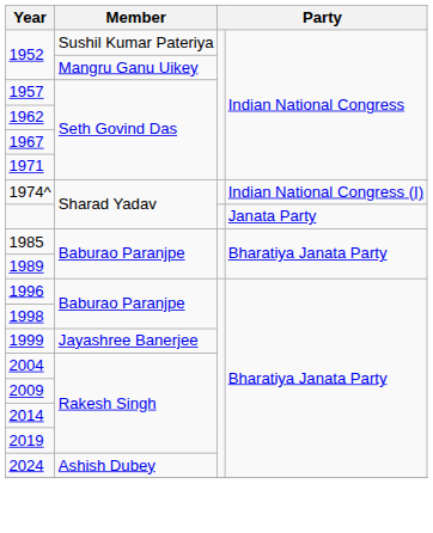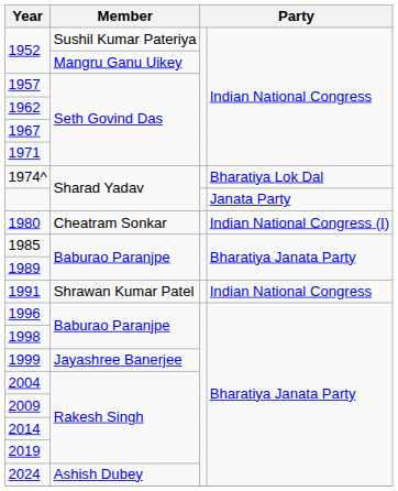 <table class="wikitable">
 <tr>
 <th>Year</th>
 <th>Member</th>
 <th colspan="2">Party</th>
 </tr>
 <tr>
 <td rowspan="2"><a href='#'>1952</a></td>
 <td>Sushil Kumar Pateriya</td>
 <td rowspan="6" style="background-color: "></td>
 <td rowspan="6"><a href='#'>Indian National Congress</a></td>
 </tr>
 <tr>
 <td><a href='#'>Mangru Ganu Uikey</a></td>
 </tr>
 <tr>
 <td><a href='#'>1957</a></td>
 <td rowspan="4"><a href='#'>Seth Govind Das</a></td>
 </tr>
 <tr>
 <td><a href='#'>1962</a></td>
 </tr>
 <tr>
 <td><a href='#'>1967</a></td>
 </tr>
 <tr>
 <td><a href='#'>1971</a></td>
 </tr>
 <tr>
 <td>1974^</td>
 <td rowspan="2">Sharad Yadav</td>
 <td style="background-color: "></td>
-<td><a href='#'>Indian National Congress (I)</a></td>
+<td><a href='#'>Bharatiya Lok Dal</a></td>
 </tr>
 <tr>
 <td></td>
 <td style="background-color: "></td>
 <td><a href='#'>Janata Party</a></td>
+</tr>
+<tr>
+<td><a href='#'>1980</a></td>
+<td>Cheatram Sonkar</td>
+<td style="background-color: "></td>
+<td><a href='#'>Indian National Congress (I)</a></td>
 </tr>
 <tr>
 <td>1985</td>
 <td rowspan="2"><a href='#'>Baburao Paranjpe</a></td>
 <td rowspan="2" style="background-color: "></td>
 <td rowspan="2"><a href='#'>Bharatiya Janata Party</a></td>
 </tr>
 <tr>
 <td><a href='#'>1989</a></td>
+</tr>
+<tr>
+<td><a href='#'>1991</a></td>
+<td>Shrawan Kumar Patel</td>
+<td style="background-color: "></td>
+<td><a href='#'>Indian National Congress</a></td>
 </tr>
 <tr>
 <td><a href='#'>1996</a></td>
 <td rowspan="2"><a href='#'>Baburao Paranjpe</a></td>
 <td rowspan="8" style="background-color: "></td>
 <td rowspan="8"><a href='#'>Bharatiya Janata Party</a></td>
 </tr>
 <tr>
 <td><a href='#'>1998</a></td>
 </tr>
 <tr>
 <td><a href='#'>1999</a></td>
 <td><a href='#'>Jayashree Banerjee</a></td>
 </tr>
 <tr>
 <td><a href='#'>2004</a></td>
 <td rowspan="4"><a href='#'>Rakesh Singh</a></td>
 </tr>
 <tr>
 <td><a href='#'>2009</a></td>
 </tr>
 <tr>
 <td><a href='#'>2014</a></td>
 </tr>
 <tr>
 <td><a href='#'>2019</a></td>
 </tr>
 <tr>
 <td><a href='#'>2024</a></td>
 <td><a href='#'>Ashish Dubey</a></td>
 </tr>
 <tr>
 </tr>
 </table>
